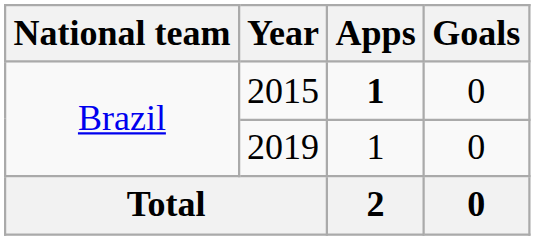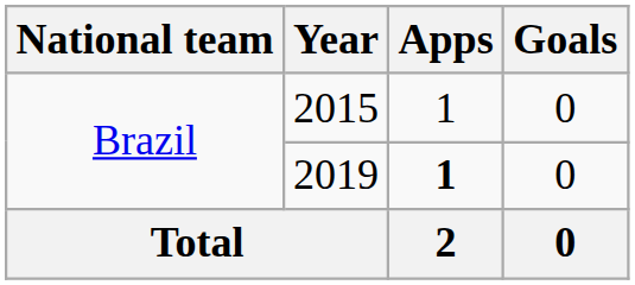 <table class=wikitable style=text-align:center>
 <tr>
 <th>National team</th>
 <th>Year</th>
 <th>Apps</th>
 <th>Goals</th>
 </tr>
 <tr>
 <td rowspan="2"><a href='#'>Brazil</a></td>
 <td>2015</td>
-<td><strong>1</strong></td>
+<td>1</td>
 <td>0</td>
 </tr>
 <tr>
 <td>2019</td>
-<td>1</td>
+<td><strong>1</strong></td>
 <td>0</td>
 </tr>
 <tr>
 <th colspan=2>Total</th>
 <th>2</th>
 <th>0</th>
 </tr>
 </table>
